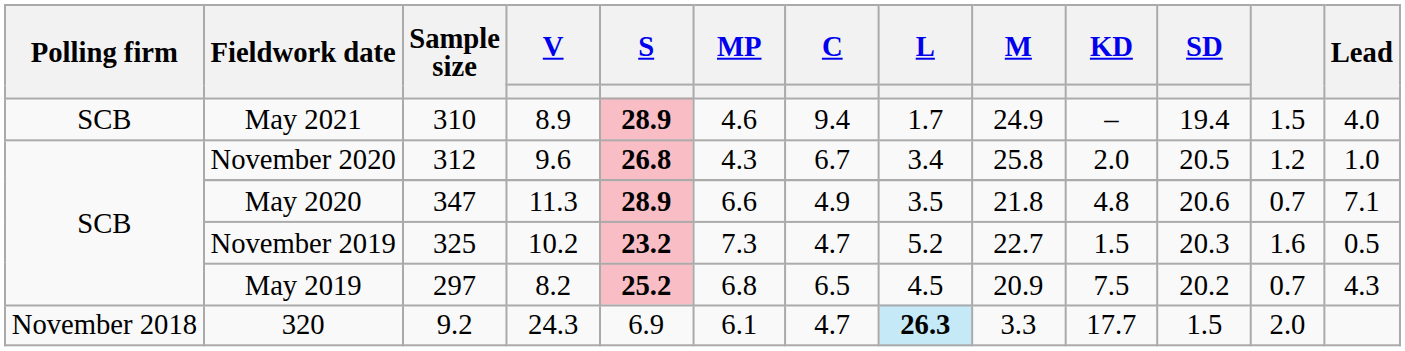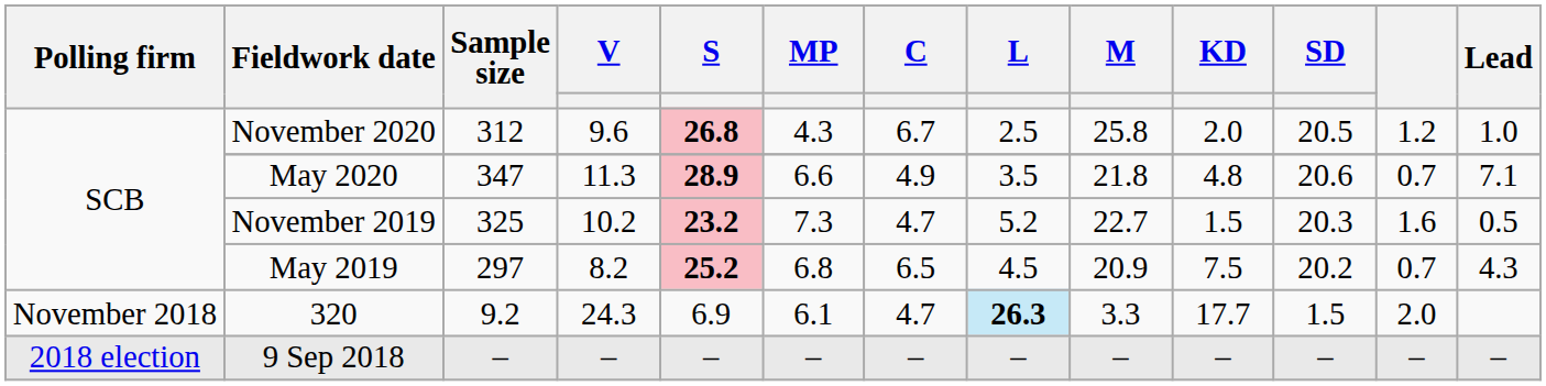 <table class="wikitable sortable" style="text-align:center;font-size:90%;line-height:14px;">
 <tr style="height:40px;">
 <th rowspan="2">Polling firm</th>
 <th rowspan="2">Fieldwork date</th>
 <th rowspan="2">Sample<br>size</th>
 <th class="sortable" style="width:40px;"><a href='#'>V</a></th>
 <th class="sortable" style="width:40px;"><a href='#'>S</a></th>
 <th class="sortable" style="width:40px;"><a href='#'>MP</a></th>
 <th class="sortable" style="width:40px;"><a href='#'>C</a></th>
 <th class="sortable" style="width:40px;"><a href='#'>L</a></th>
 <th class="sortable" style="width:40px;"><a href='#'>M</a></th>
 <th class="sortable" style="width:40px;"><a href='#'>KD</a></th>
 <th class="sortable" style="width:40px;"><a href='#'>SD</a></th>
 <th class="sortable" style="width:30px;" rowspan="2"></th>
 <th style="width:30px;" rowspan="2">Lead</th>
 </tr>
 <tr>
 <th style="background:"></th>
 <th style="background:"></th>
 <th style="background:"></th>
 <th style="background:"></th>
 <th style="background:"></th>
 <th style="background:"></th>
 <th style="background:"></th>
 <th style="background:"></th>
 </tr>
 <tr>
-<td>SCB</td>
-<td>May 2021</td>
-<td>310</td>
-<td>8.9</td>
-<td style="background:#F9BDC5;"><strong>28.9</strong></td>
-<td>4.6</td>
-<td>9.4</td>
-<td>1.7</td>
-<td>24.9</td>
-<td>–</td>
-<td>19.4</td>
-<td>1.5</td>
-<td style="background:">4.0</td>
-</tr>
-<tr>
 <td rowspan="5">SCB</td>
 <td>November 2020</td>
 <td>312</td>
 <td>9.6</td>
 <td style="background:#F9BDC5;"><strong>26.8</strong></td>
 <td>4.3</td>
 <td>6.7</td>
-<td>3.4</td>
+<td>2.5</td>
 <td>25.8</td>
 <td>2.0</td>
 <td>20.5</td>
 <td>1.2</td>
 <td style="background:">1.0</td>
 </tr>
 <tr>
 </tr>
 <tr>
 <td>May 2020</td>
 <td>347</td>
 <td>11.3</td>
 <td style="background:#F9BDC5;"><strong>28.9</strong></td>
 <td>6.6</td>
 <td>4.9</td>
 <td>3.5</td>
 <td>21.8</td>
 <td>4.8</td>
 <td>20.6</td>
 <td>0.7</td>
 <td style="background:">7.1</td>
 </tr>
 <tr>
 <td>November 2019</td>
 <td>325</td>
 <td>10.2</td>
 <td style="background:#F9BDC5;"><strong>23.2</strong></td>
 <td>7.3</td>
 <td>4.7</td>
 <td>5.2</td>
 <td>22.7</td>
 <td>1.5</td>
 <td>20.3</td>
 <td>1.6</td>
 <td style="background:">0.5</td>
 </tr>
 <tr>
 <td>May 2019</td>
 <td>297</td>
 <td>8.2</td>
 <td style="background:#F9BDC5;"><strong>25.2</strong></td>
 <td>6.8</td>
 <td>6.5</td>
 <td>4.5</td>
 <td>20.9</td>
 <td>7.5</td>
 <td>20.2</td>
 <td>0.7</td>
 <td style="background:">4.3</td>
 </tr>
 <tr>
 <td>November 2018</td>
 <td>320</td>
 <td>9.2</td>
 <td>24.3</td>
 <td>6.9</td>
 <td>6.1</td>
 <td>4.7</td>
 <td style="background:#C6E9F7;"><strong>26.3</strong></td>
 <td>3.3</td>
 <td>17.7</td>
 <td>1.5</td>
 <td style="background:">2.0</td>
 </tr>
+<tr style="background:#E9E9E9;">
+<td><a href='#'>2018 election</a></td>
+<td data-sort-value="2018-09-09">9 Sep 2018</td>
+<td>–</td>
+<td>–</td>
+<td>–</td>
+<td>–</td>
+<td>–</td>
+<td>–</td>
+<td>–</td>
+<td>–</td>
+<td>–</td>
+<td>–</td>
+<td>–</td>
+</tr>
 </table>
